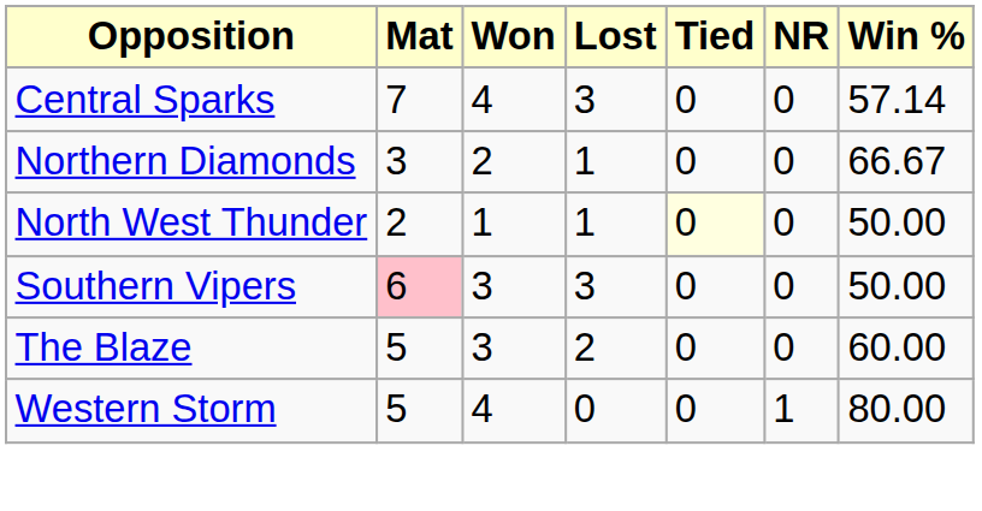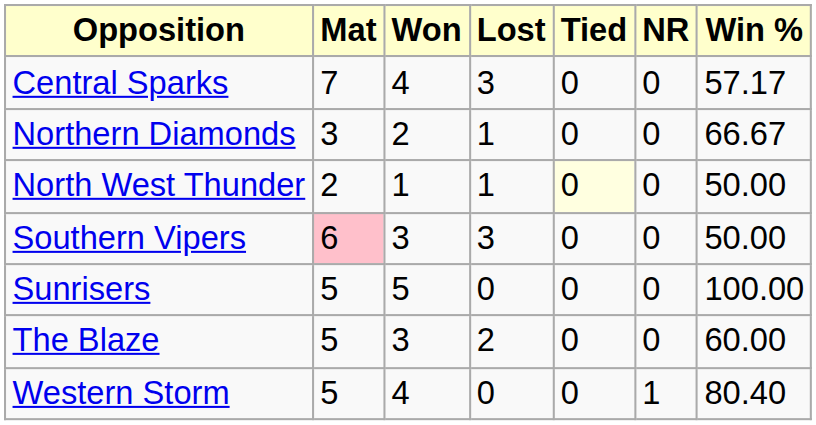 <table class="wikitable sortable">
 <tr>
 <th style="background:#ffc;">Opposition</th>
 <th style="background:#ffc;">Mat</th>
 <th style="background:#ffc;">Won</th>
 <th style="background:#ffc;">Lost</th>
 <th style="background:#ffc;">Tied</th>
 <th style="background:#ffc;">NR</th>
 <th style="background:#ffc;">Win %</th>
 </tr>
 <tr>
 <td><a href='#'>Central Sparks</a></td>
 <td>7</td>
 <td>4</td>
 <td>3</td>
 <td>0</td>
 <td>0</td>
-<td>57.14</td>
+<td>57.17</td>
 </tr>
 <tr>
 <td><a href='#'>Northern Diamonds</a></td>
 <td>3</td>
 <td>2</td>
 <td>1</td>
 <td>0</td>
 <td>0</td>
 <td>66.67</td>
 </tr>
 <tr>
 <td><a href='#'>North West Thunder</a></td>
 <td>2</td>
 <td>1</td>
 <td>1</td>
 <td style="background: lightyellow;">0</td>
 <td>0</td>
 <td>50.00</td>
 </tr>
 <tr>
 <td><a href='#'>Southern Vipers</a></td>
 <td style="background: pink;">6</td>
 <td>3</td>
 <td>3</td>
 <td>0</td>
 <td>0</td>
 <td>50.00</td>
 </tr>
 <tr>
+<td><a href='#'>Sunrisers</a></td>
+<td>5</td>
+<td>5</td>
+<td>0</td>
+<td>0</td>
+<td>0</td>
+<td>100.00</td>
+</tr>
+<tr>
 <td><a href='#'>The Blaze</a></td>
 <td>5</td>
 <td>3</td>
 <td>2</td>
 <td>0</td>
 <td>0</td>
 <td>60.00</td>
 </tr>
 <tr>
 <td><a href='#'>Western Storm</a></td>
 <td>5</td>
 <td>4</td>
 <td>0</td>
 <td>0</td>
 <td>1</td>
-<td>80.00</td>
+<td>80.40</td>
 </tr>
 </table>
